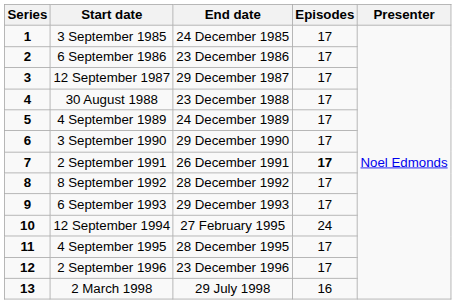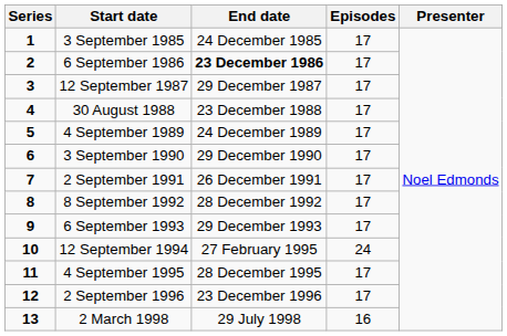 <table class="wikitable" style="text-align:center;">
 <tr>
 <th>Series</th>
 <th>Start date</th>
 <th>End date</th>
 <th>Episodes</th>
 <th>Presenter</th>
 </tr>
 <tr>
 <td><strong>1</strong></td>
 <td>3 September 1985</td>
 <td>24 December 1985</td>
 <td>17</td>
 <td rowspan="13"=><a href='#'>Noel Edmonds</a></td>
 </tr>
 <tr>
 <td><strong>2</strong></td>
 <td>6 September 1986</td>
-<td>23 December 1986</td>
+<td><strong>23 December 1986</strong></td>
 <td>17</td>
 </tr>
 <tr>
 <td><strong>3</strong></td>
 <td>12 September 1987</td>
 <td>29 December 1987</td>
 <td>17</td>
 </tr>
 <tr>
 <td><strong>4</strong></td>
 <td>30 August 1988</td>
 <td>23 December 1988</td>
 <td>17</td>
 </tr>
 <tr>
 <td><strong>5</strong></td>
 <td>4 September 1989</td>
 <td>24 December 1989</td>
 <td>17</td>
 </tr>
 <tr>
 <td><strong>6</strong></td>
 <td>3 September 1990</td>
 <td>29 December 1990</td>
 <td>17</td>
 </tr>
 <tr>
 <td><strong>7</strong></td>
 <td>2 September 1991</td>
 <td>26 December 1991</td>
-<td><strong>17</strong></td>
+<td>17</td>
 </tr>
 <tr>
 <td><strong>8</strong></td>
 <td>8 September 1992</td>
 <td>28 December 1992</td>
 <td>17</td>
 </tr>
 <tr>
 <td><strong>9</strong></td>
 <td>6 September 1993</td>
 <td>29 December 1993</td>
 <td>17</td>
 </tr>
 <tr>
 <td><strong>10</strong></td>
 <td>12 September 1994</td>
 <td>27 February 1995</td>
 <td>24</td>
 </tr>
 <tr>
 <td><strong>11</strong></td>
 <td>4 September 1995</td>
 <td>28 December 1995</td>
 <td>17</td>
 </tr>
 <tr>
 <td><strong>12</strong></td>
 <td>2 September 1996</td>
 <td>23 December 1996</td>
 <td>17</td>
 </tr>
 <tr>
 <td><strong>13</strong></td>
 <td>2 March 1998</td>
 <td>29 July 1998</td>
 <td>16</td>
 </tr>
 </table>
